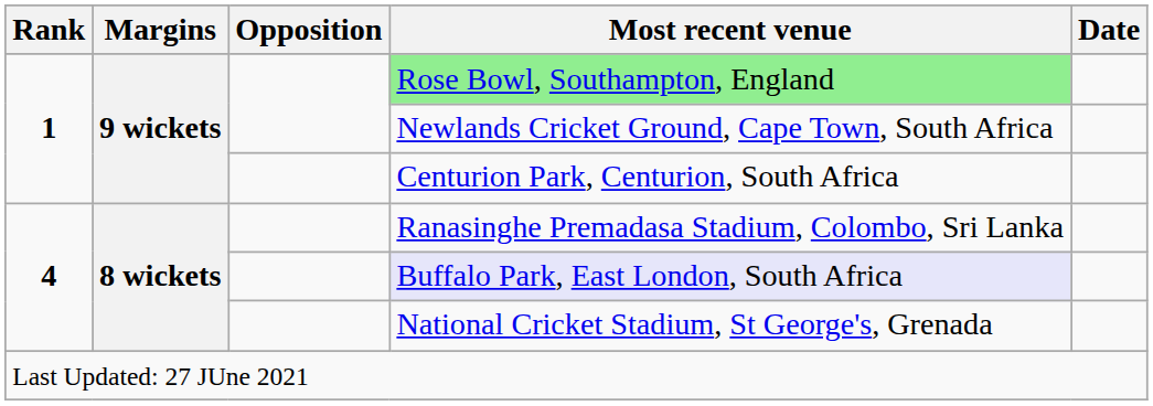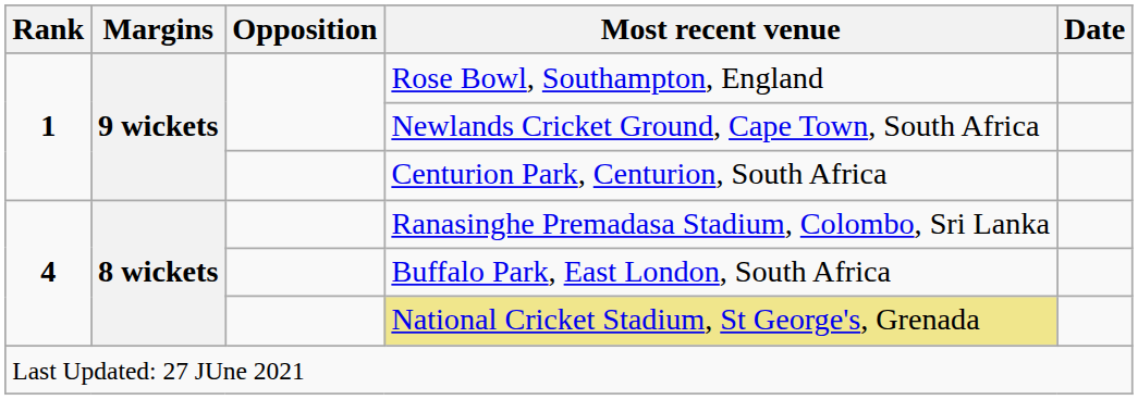 <table class="wikitable plainrowheaders sortable">
 <tr>
 <th scope=col>Rank</th>
 <th scope=col>Margins</th>
 <th scope=col>Opposition</th>
 <th scope=col>Most recent venue</th>
 <th scope=col>Date</th>
 </tr>
 <tr>
 <td align=center rowspan=3><strong>1</strong></td>
 <th scope=row style=text-align:center rowspan=3><strong>9 wickets</strong></th>
 <td rowspan=2></td>
-<td style="background: lightgreen;"><a href='#'>Rose Bowl</a>, <a href='#'>Southampton</a>, England</td>
+<td><a href='#'>Rose Bowl</a>, <a href='#'>Southampton</a>, England</td>
 <td></td>
 </tr>
 <tr>
 <td><a href='#'>Newlands Cricket Ground</a>, <a href='#'>Cape Town</a>, South Africa</td>
 <td></td>
 </tr>
 <tr>
 <td></td>
 <td><a href='#'>Centurion Park</a>, <a href='#'>Centurion</a>, South Africa</td>
 <td></td>
 </tr>
 <tr>
 <td align=center rowspan=3><strong>4</strong></td>
 <th scope=row style=text-align:center rowspan=3><strong>8 wickets</strong></th>
 <td></td>
 <td><a href='#'>Ranasinghe Premadasa Stadium</a>, <a href='#'>Colombo</a>, Sri Lanka</td>
 <td> </td>
 </tr>
 <tr>
 <td></td>
-<td style="background: lavender;"><a href='#'>Buffalo Park</a>, <a href='#'>East London</a>, South Africa</td>
+<td><a href='#'>Buffalo Park</a>, <a href='#'>East London</a>, South Africa</td>
 <td></td>
 </tr>
 <tr>
 <td></td>
-<td><a href='#'>National Cricket Stadium</a>, <a href='#'>St George's</a>, Grenada</td>
+<td style="background: khaki;"><a href='#'>National Cricket Stadium</a>, <a href='#'>St George's</a>, Grenada</td>
 <td></td>
 </tr>
 <tr class=sortbottom>
 <td colspan=5><small>Last Updated: 27 JUne 2021</small></td>
 </tr>
 </table>
